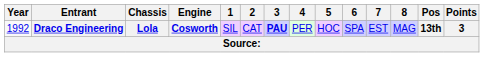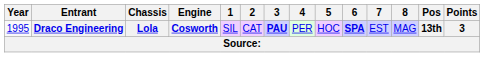 <table class="wikitable" style="text-align:center; font-size:90%">
 <tr>
 <th>Year</th>
 <th>Entrant</th>
 <th>Chassis</th>
 <th>Engine</th>
 <th>1</th>
 <th>2</th>
 <th>3</th>
 <th>4</th>
 <th>5</th>
 <th>6</th>
 <th>7</th>
 <th>8</th>
 <th>Pos</th>
 <th>Points</th>
 </tr>
 <tr>
-<td><a href='#'>1992</a></td>
+<td><a href='#'>1995</a></td>
 <th><a href='#'>Draco Engineering</a></th>
 <th><a href='#'>Lola</a></th>
 <th><a href='#'>Cosworth</a></th>
 <td style="background:#EFCFFF"><a href='#'>SIL</a><br></td>
 <td style="background:#EFCFFF"><a href='#'>CAT</a><br></td>
 <td style="background:#CFCFFF"><strong><a href='#'>PAU</a><br></strong></td>
 <td style="background:#DFFFDF"><a href='#'>PER</a><br></td>
 <td style="background:#EFCFFF"><a href='#'>HOC</a><br></td>
-<td style="background:#CFCFFF"><a href='#'>SPA</a><br></td>
+<td style="background:#CFCFFF"><strong><a href='#'>SPA</a><br></strong></td>
 <td style="background:#CFCFFF"><a href='#'>EST</a><br></td>
 <td style="background:#CFCFFF"><a href='#'>MAG</a><br></td>
 <th>13th</th>
 <th>3</th>
 </tr>
 <tr>
 <th colspan="14">Source: </th>
 </tr>
 </table>
